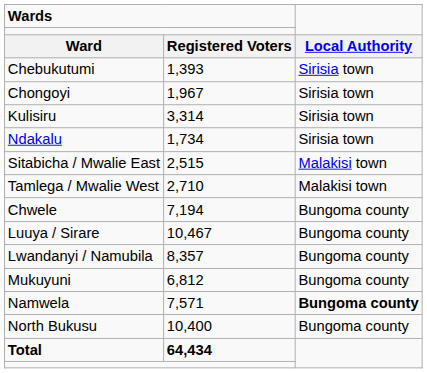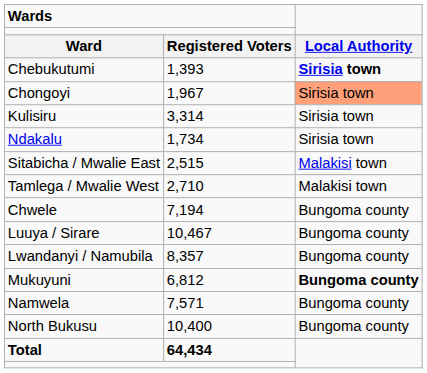 <table class="wikitable">
 <tr>
 <td colspan="2"><strong>Wards</strong></td>
 </tr>
 <tr>
 <td colspan="2"></td>
 </tr>
 <tr>
 <th>Ward</th>
 <th>Registered Voters</th>
 <th><a href='#'>Local Authority</a></th>
 </tr>
 <tr>
 <td>Chebukutumi</td>
 <td>1,393</td>
-<td><a href='#'>Sirisia</a> town</td>
+<td><strong><a href='#'>Sirisia</a> town</strong></td>
 </tr>
 <tr>
 <td>Chongoyi</td>
 <td>1,967</td>
-<td>Sirisia town</td>
+<td style="background: lightsalmon;">Sirisia town</td>
 </tr>
 <tr>
 <td>Kulisiru</td>
 <td>3,314</td>
 <td>Sirisia town</td>
 </tr>
 <tr>
 <td><a href='#'>Ndakalu</a></td>
 <td>1,734</td>
 <td>Sirisia town</td>
 </tr>
 <tr>
 <td>Sitabicha / Mwalie East</td>
 <td>2,515</td>
 <td><a href='#'>Malakisi</a> town</td>
 </tr>
 <tr>
 <td>Tamlega / Mwalie West</td>
 <td>2,710</td>
 <td>Malakisi town</td>
 </tr>
 <tr>
 <td>Chwele</td>
 <td>7,194</td>
 <td>Bungoma county</td>
 </tr>
 <tr>
 <td>Luuya / Sirare</td>
 <td>10,467</td>
 <td>Bungoma county</td>
 </tr>
 <tr>
 <td>Lwandanyi / Namubila</td>
 <td>8,357</td>
 <td>Bungoma county</td>
 </tr>
 <tr>
 <td>Mukuyuni</td>
 <td>6,812</td>
-<td>Bungoma county</td>
+<td><strong>Bungoma county</strong></td>
 </tr>
 <tr>
 <td>Namwela</td>
 <td>7,571</td>
-<td><strong>Bungoma county</strong></td>
+<td>Bungoma county</td>
 </tr>
 <tr>
 <td>North Bukusu</td>
 <td>10,400</td>
 <td>Bungoma county</td>
 </tr>
 <tr>
 <td><strong>Total</strong></td>
 <td><strong>64,434</strong></td>
 </tr>
 <tr>
 <td colspan="2"></td>
 </tr>
 </table>
